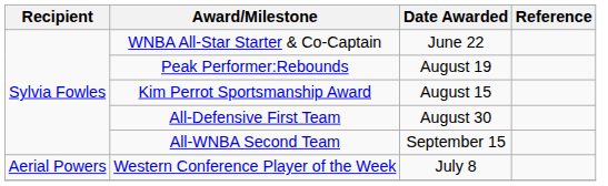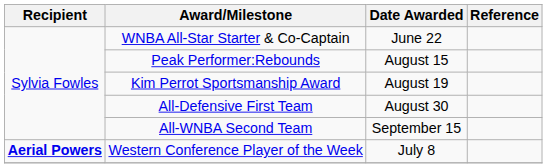 <table class="wikitable sortable sortable" style="text-align: center">
 <tr>
 <th>Recipient</th>
 <th>Award/Milestone</th>
 <th>Date Awarded</th>
 <th>Reference</th>
 </tr>
 <tr>
 <td rowspan=5><a href='#'>Sylvia Fowles</a></td>
 <td><a href='#'>WNBA All-Star Starter</a> & Co-Captain</td>
 <td>June 22</td>
 <td></td>
 </tr>
 <tr>
 <td><a href='#'>Peak Performer:Rebounds</a></td>
-<td>August 19</td>
+<td>August 15</td>
 <td></td>
 </tr>
 <tr>
 <td><a href='#'>Kim Perrot Sportsmanship Award</a></td>
-<td>August 15</td>
+<td>August 19</td>
 <td></td>
 </tr>
 <tr>
 <td><a href='#'>All-Defensive First Team</a></td>
 <td>August 30</td>
 <td></td>
 </tr>
 <tr>
 <td><a href='#'>All-WNBA Second Team</a></td>
 <td>September 15</td>
 <td></td>
 </tr>
 <tr>
-<td><a href='#'>Aerial Powers</a></td>
+<td><strong><a href='#'>Aerial Powers</a></strong></td>
 <td><a href='#'>Western Conference Player of the Week</a></td>
 <td>July 8</td>
 <td></td>
 </tr>
 <tr>
 </tr>
 </table>
